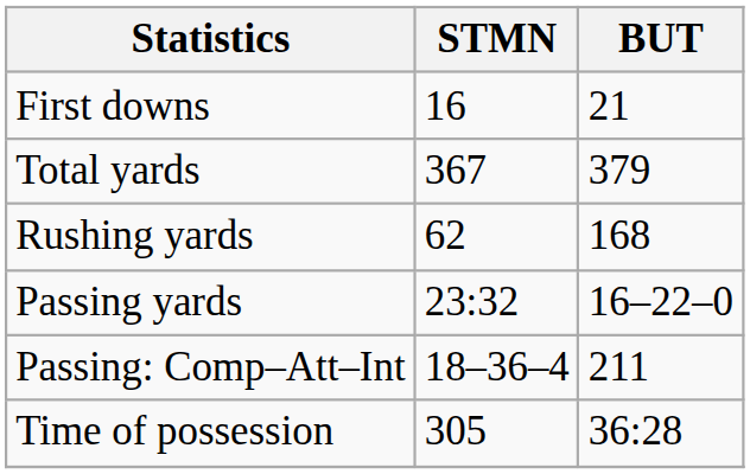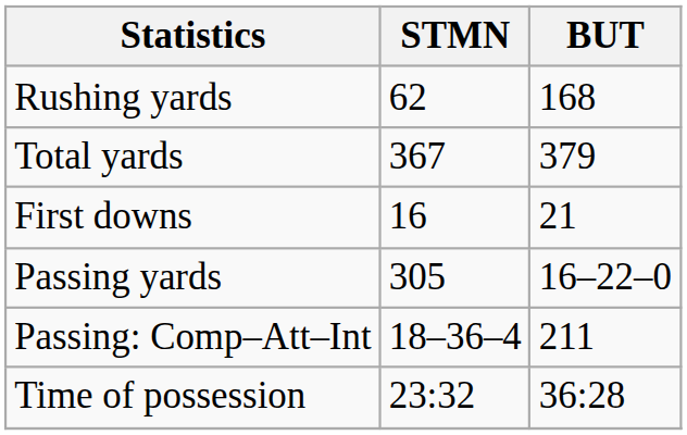 <table class="wikitable" style="float: left;">
 <tr>
 <th>Statistics</th>
 <th>STMN</th>
 <th>BUT</th>
 </tr>
 <tr>
-<td>First downs</td>
-<td>16</td>
-<td>21</td>
+<td>Rushing yards</td>
+<td>62</td>
+<td>168</td>
 </tr>
 <tr>
 <td>Total yards</td>
 <td>367</td>
 <td>379</td>
 </tr>
 <tr>
-<td>Rushing yards</td>
-<td>62</td>
-<td>168</td>
+<td>First downs</td>
+<td>16</td>
+<td>21</td>
 </tr>
 <tr>
 <td>Passing yards</td>
-<td>23:32</td>
+<td>305</td>
 <td>16–22–0</td>
 </tr>
 <tr>
 <td>Passing: Comp–Att–Int</td>
 <td>18–36–4</td>
 <td>211</td>
 </tr>
 <tr>
 <td>Time of possession</td>
-<td>305</td>
+<td>23:32</td>
 <td>36:28</td>
 </tr>
 <tr>
 </tr>
 </table>
